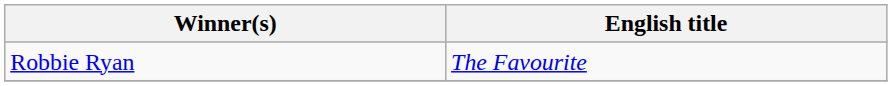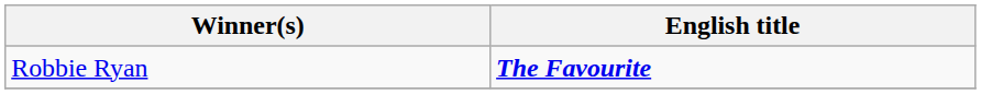 <table class="wikitable" width="95%" cellpadding="5">
 <tr>
 <th width="18%">Winner(s)</th>
 <th width="18%">English title</th>
 </tr>
 <tr>
 <td>  <a href='#'>Robbie Ryan</a></td>
-<td><em><a href='#'>The Favourite</a></em></td>
+<td><strong><em><a href='#'>The Favourite</a></em></strong></td>
 </tr>
 <tr>
 </tr>
 </table>
